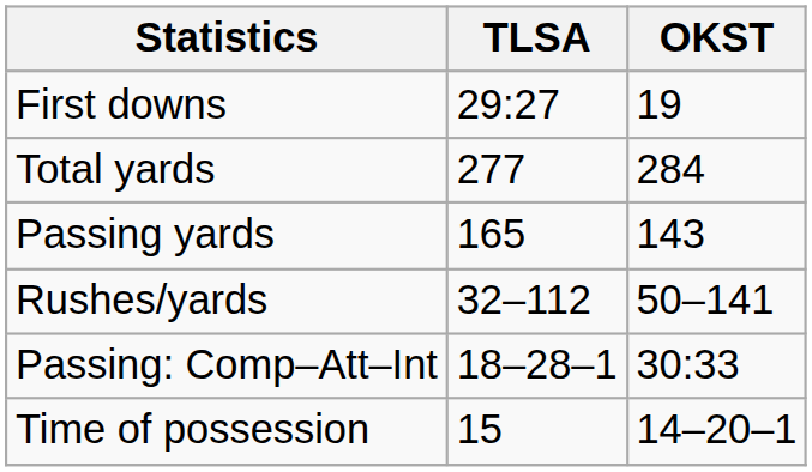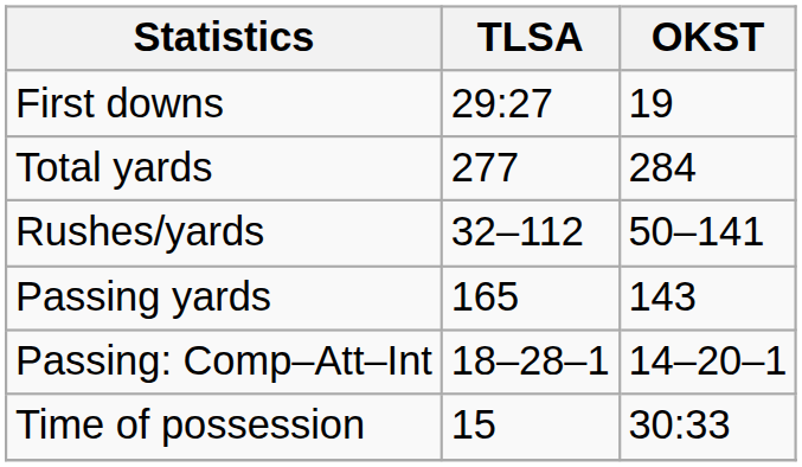 <table class="wikitable" style="float: left;">
 <tr>
 <th>Statistics</th>
 <th>TLSA</th>
 <th>OKST</th>
 </tr>
 <tr>
 <td>First downs</td>
 <td>29:27</td>
 <td>19</td>
 </tr>
 <tr>
 <td>Total yards</td>
 <td>277</td>
 <td>284</td>
 </tr>
 <tr>
+<td>Rushes/yards</td>
+<td>32–112</td>
+<td>50–141</td>
+</tr>
+<tr>
 <td>Passing yards</td>
 <td>165</td>
 <td>143</td>
 </tr>
 <tr>
-<td>Rushes/yards</td>
-<td>32–112</td>
-<td>50–141</td>
-</tr>
-<tr>
 <td>Passing: Comp–Att–Int</td>
 <td>18–28–1</td>
-<td>30:33</td>
+<td>14–20–1</td>
 </tr>
 <tr>
 <td>Time of possession</td>
 <td>15</td>
-<td>14–20–1</td>
+<td>30:33</td>
 </tr>
 <tr>
 </tr>
 </table>
